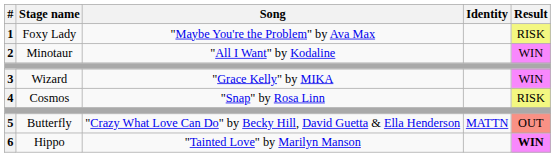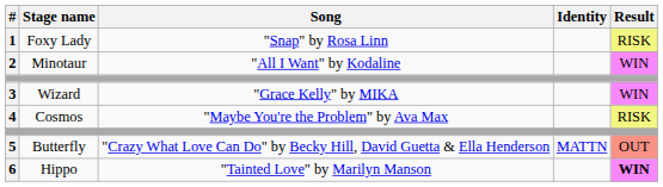 <table class="wikitable plainrowheaders" style="text-align: center;">
 <tr>
 <th>#</th>
 <th>Stage name</th>
 <th>Song</th>
 <th>Identity</th>
 <th>Result</th>
 </tr>
 <tr>
 <th>1</th>
 <td>Foxy Lady</td>
-<td>"<a href='#'>Maybe You're the Problem</a>" by <a href='#'>Ava Max</a></td>
+<td>"<a href='#'>Snap</a>" by <a href='#'>Rosa Linn</a></td>
 <td></td>
 <td bgcolor=#F3F781>RISK</td>
 </tr>
 <tr>
 <th>2</th>
 <td>Minotaur</td>
 <td>"<a href='#'>All I Want</a>" by <a href='#'>Kodaline</a></td>
 <td></td>
 <td bgcolor="#F888FD">WIN</td>
 </tr>
 <tr>
 <td colspan="5" style="background:darkgray"></td>
 </tr>
 <tr>
 <th>3</th>
 <td>Wizard</td>
 <td>"<a href='#'>Grace Kelly</a>" by <a href='#'>MIKA</a></td>
 <td></td>
 <td bgcolor="#F888FD">WIN</td>
 </tr>
 <tr>
 <th>4</th>
 <td>Cosmos</td>
-<td>"<a href='#'>Snap</a>" by <a href='#'>Rosa Linn</a></td>
+<td>"<a href='#'>Maybe You're the Problem</a>" by <a href='#'>Ava Max</a></td>
 <td></td>
 <td bgcolor=#F3F781>RISK</td>
 </tr>
 <tr>
 <td colspan="5" style="background:darkgray"></td>
 </tr>
 <tr>
 <th>5</th>
 <td>Butterfly</td>
 <td>"<a href='#'>Crazy What Love Can Do</a>" by <a href='#'>Becky Hill</a>, <a href='#'>David Guetta</a> & <a href='#'>Ella Henderson</a></td>
 <td><a href='#'>MATTN</a></td>
 <td bgcolor="#F99185">OUT</td>
 </tr>
 <tr>
 <th>6</th>
 <td>Hippo</td>
 <td>"<a href='#'>Tainted Love</a>" by <a href='#'>Marilyn Manson</a></td>
 <td></td>
 <td bgcolor="#F888FD"><strong>WIN</strong></td>
 </tr>
 </table>
